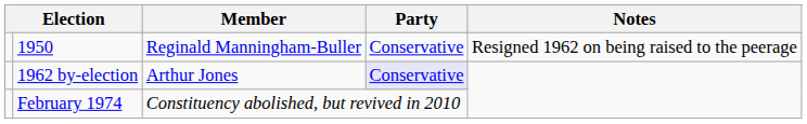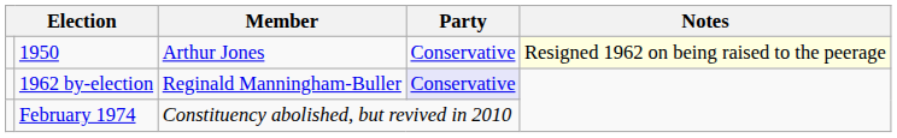 <table class="wikitable">
 <tr>
 <th colspan="2">Election</th>
 <th>Member</th>
 <th>Party</th>
 <th>Notes</th>
 </tr>
 <tr>
 <td style="color:inherit;background-color: "></td>
 <td><a href='#'>1950</a></td>
-<td><a href='#'>Reginald Manningham-Buller</a></td>
+<td><a href='#'>Arthur Jones</a></td>
 <td><a href='#'>Conservative</a></td>
-<td>Resigned 1962 on being raised to the peerage</td>
+<td style="background: lightyellow;">Resigned 1962 on being raised to the peerage</td>
 </tr>
 <tr>
 <td style="color:inherit;background-color: "></td>
 <td><a href='#'>1962 by-election</a></td>
-<td><a href='#'>Arthur Jones</a></td>
+<td><a href='#'>Reginald Manningham-Buller</a></td>
 <td style="background: lavender;"><a href='#'>Conservative</a></td>
 </tr>
 <tr>
 <td></td>
 <td><a href='#'>February 1974</a></td>
 <td colspan="2"><em>Constituency abolished, but revived in 2010</em></td>
 </tr>
 </table>
